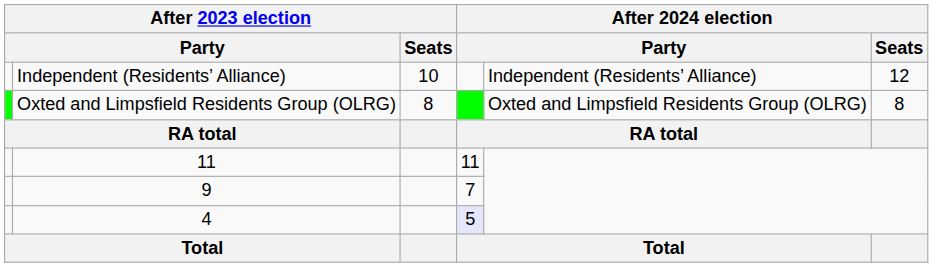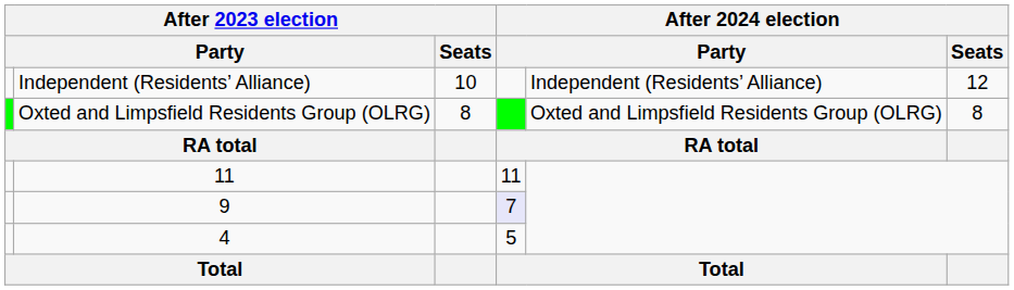 <table class="wikitable">
 <tr>
 <th colspan="3">After <a href='#'>2023 election</a></th>
 <th colspan="3">After 2024 election</th>
 </tr>
 <tr>
 <th colspan="2">Party</th>
 <th>Seats</th>
 <th colspan="2">Party</th>
 <th>Seats</th>
 </tr>
 <tr>
 <td bgcolor=></td>
 <td>Independent (Residents’ Alliance)</td>
 <td align=center>10</td>
 <td bgcolor=></td>
 <td>Independent (Residents’ Alliance)</td>
 <td align=center>12</td>
 </tr>
 <tr>
 <td style="background: lime"></td>
 <td>Oxted and Limpsfield Residents Group (OLRG)</td>
 <td align=center>8</td>
 <td style="background: lime"></td>
 <td>Oxted and Limpsfield Residents Group (OLRG)</td>
 <td align=center>8</td>
 </tr>
 <tr>
 <th colspan=2>RA total</th>
 <th></th>
 <th colspan=2>RA total</th>
 <th></th>
 </tr>
 <tr>
 <td></td>
 <td align=center>11</td>
 <td></td>
 <td align=center>11</td>
 </tr>
 <tr>
 <td></td>
 <td align=center>9</td>
 <td></td>
-<td align=center>7</td>
+<td align=center style="background: lavender;">7</td>
 </tr>
 <tr>
 <td></td>
 <td align=center>4</td>
 <td></td>
-<td align=center style="background: lavender;">5</td>
+<td align=center>5</td>
 </tr>
 <tr>
 <th colspan=2>Total</th>
 <th></th>
 <th colspan=2>Total</th>
 <th></th>
 </tr>
 </table>
